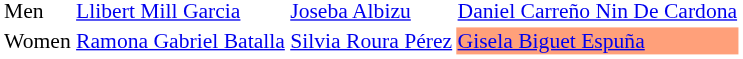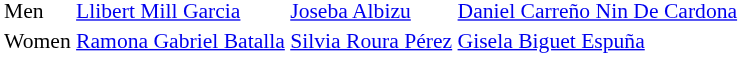 <table>
 <tr>
 <td align="left">Men</td>
 <td> <a href='#'>Llibert Mill Garcia</a></td>
 <td> <a href='#'>Joseba Albizu</a></td>
 <td> <a href='#'>Daniel Carreño Nin De Cardona</a></td>
 </tr>
 <tr>
 <td align="left">Women</td>
 <td> <a href='#'>Ramona Gabriel Batalla</a></td>
 <td> <a href='#'>Silvia Roura Pérez</a></td>
-<td style="background: lightsalmon;"> <a href='#'>Gisela Biguet Espuña</a></td>
+<td> <a href='#'>Gisela Biguet Espuña</a></td>
 </tr>
 </table>
